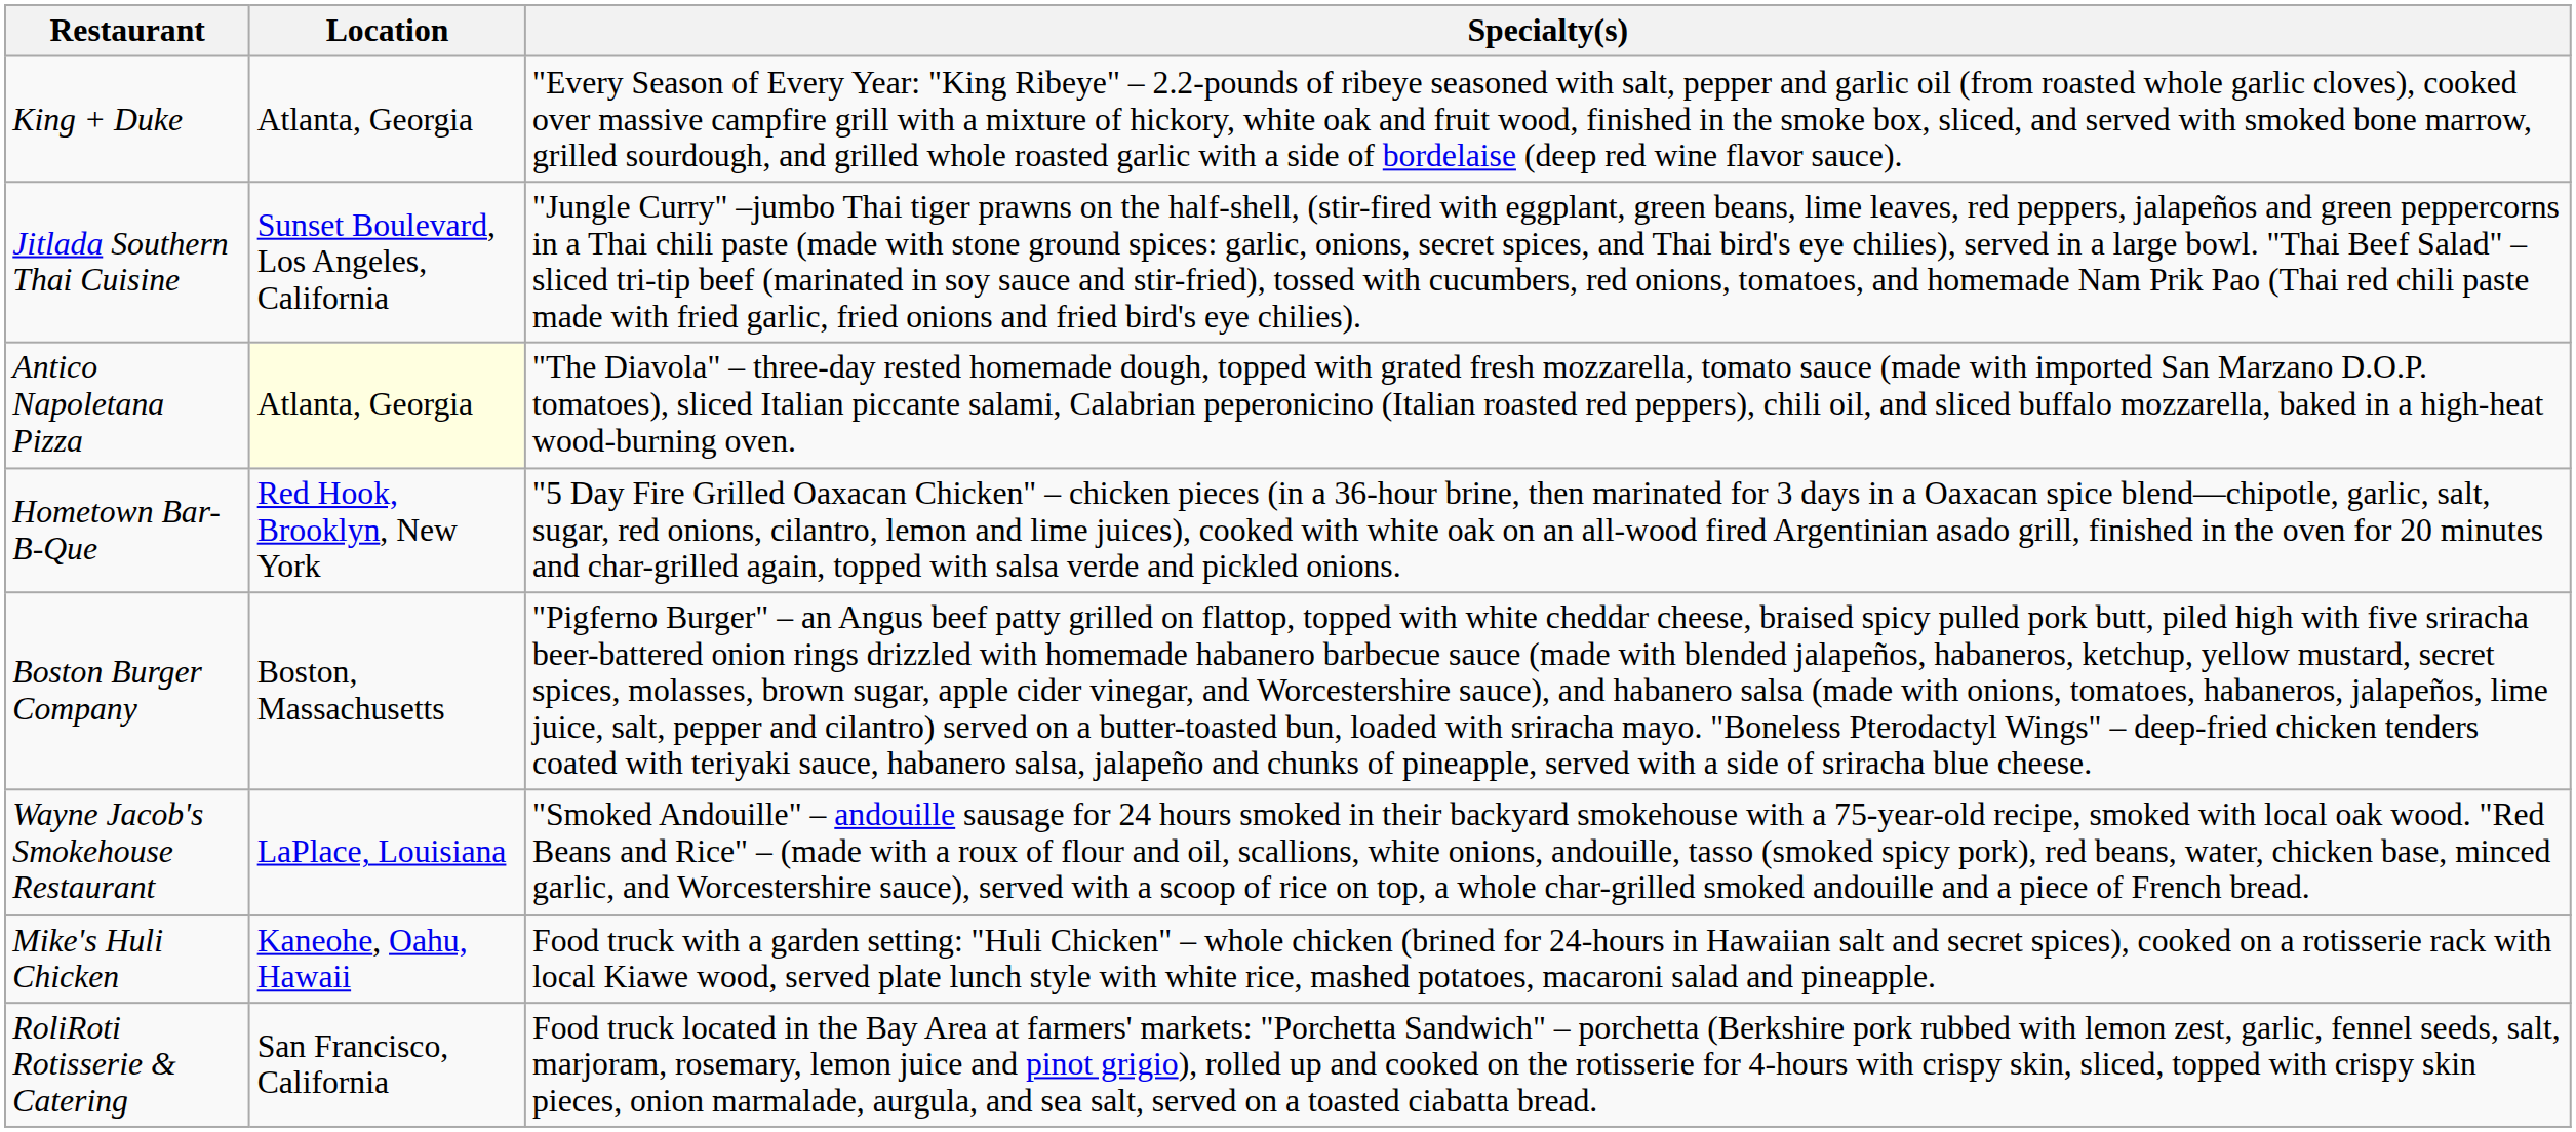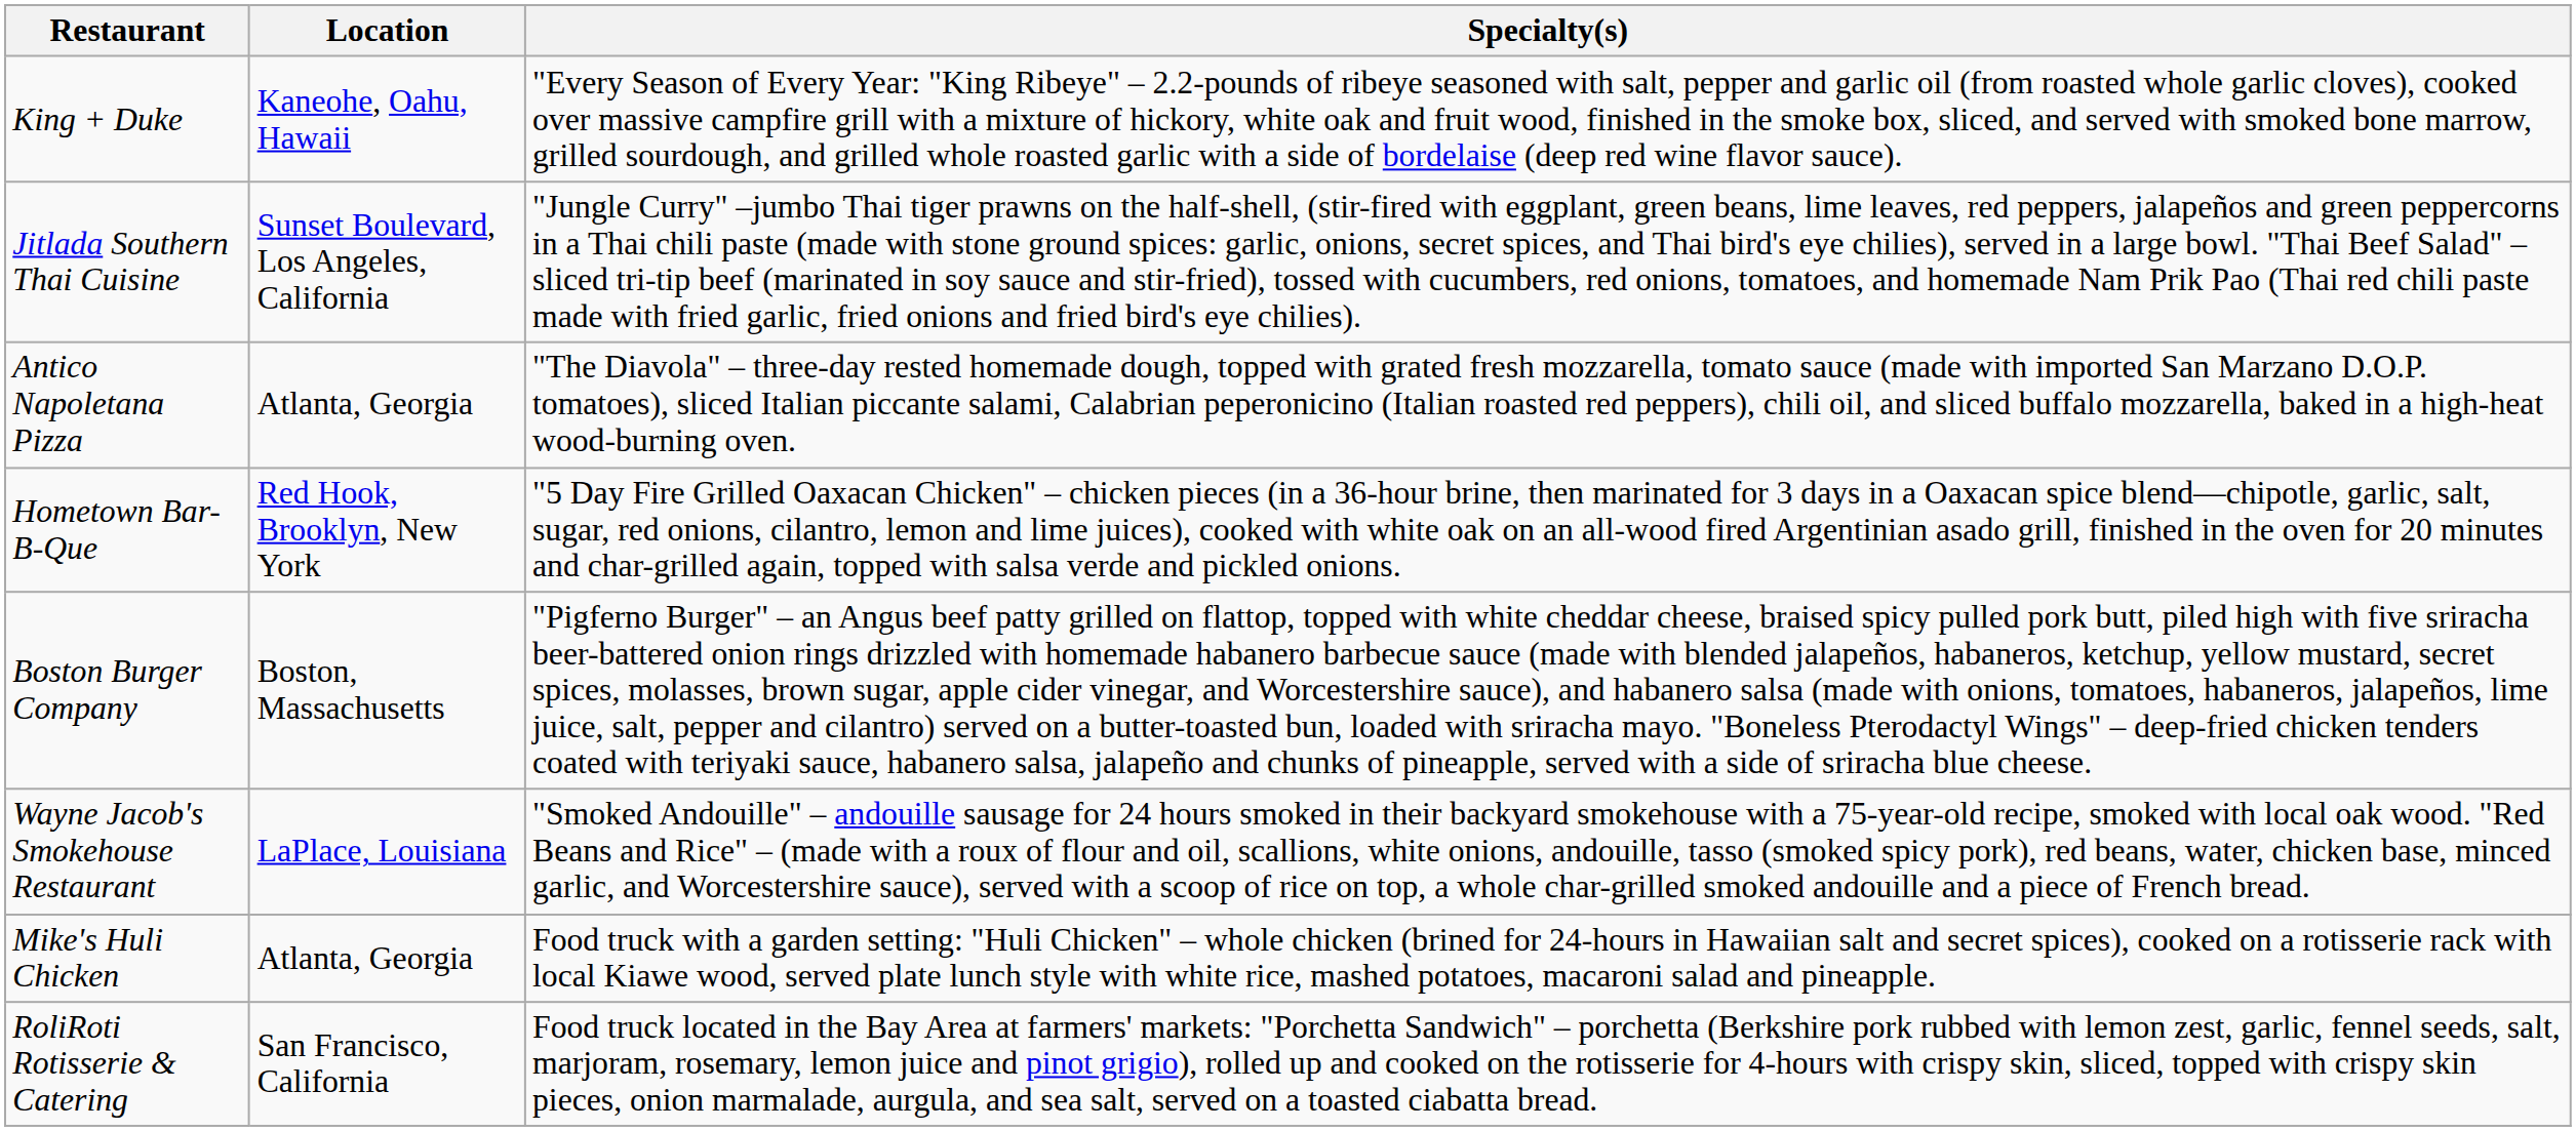 <table class="wikitable" style="width:100%;">
 <tr>
 <th>Restaurant</th>
 <th>Location</th>
 <th>Specialty(s)</th>
 </tr>
 <tr>
 <td><em>King + Duke</em></td>
-<td>Atlanta, Georgia</td>
+<td><a href='#'>Kaneohe</a>, <a href='#'>Oahu, Hawaii</a></td>
 <td>"Every Season of Every Year: "King Ribeye" – 2.2-pounds of ribeye seasoned with salt, pepper and garlic oil (from roasted whole garlic cloves), cooked over massive campfire grill with a mixture of hickory, white oak and fruit wood, finished in the smoke box, sliced, and served with smoked bone marrow, grilled sourdough, and grilled whole roasted garlic with a side of <a href='#'>bordelaise</a> (deep red wine flavor sauce).</td>
 </tr>
 <tr>
 <td><em><a href='#'>Jitlada</a> Southern Thai Cuisine</em></td>
 <td><a href='#'>Sunset Boulevard</a>, Los Angeles, California</td>
 <td>"Jungle Curry" –jumbo Thai tiger prawns on the half-shell, (stir-fired with eggplant, green beans, lime leaves, red peppers, jalapeños and green peppercorns in a Thai chili paste (made with stone ground spices: garlic, onions, secret spices, and Thai bird's eye chilies), served in a large bowl. "Thai Beef Salad" – sliced tri-tip beef (marinated in soy sauce and stir-fried), tossed with cucumbers, red onions, tomatoes, and homemade Nam Prik Pao (Thai red chili paste made with fried garlic, fried onions and fried bird's eye chilies).</td>
 </tr>
 <tr>
 <td><em>Antico Napoletana Pizza</em></td>
-<td style="background: lightyellow;">Atlanta, Georgia</td>
+<td>Atlanta, Georgia</td>
 <td>"The Diavola" – three-day rested homemade dough, topped with grated fresh mozzarella, tomato sauce (made with imported San Marzano D.O.P. tomatoes), sliced Italian piccante salami, Calabrian peperonicino (Italian roasted red peppers), chili oil, and sliced buffalo mozzarella, baked in a high-heat wood-burning oven.</td>
 </tr>
 <tr>
 <td><em>Hometown Bar-B-Que</em></td>
 <td><a href='#'>Red Hook, Brooklyn</a>, New York</td>
 <td>"5 Day Fire Grilled Oaxacan Chicken" – chicken pieces (in a 36-hour brine, then marinated for 3 days in a Oaxacan spice blend—chipotle, garlic, salt, sugar, red onions, cilantro, lemon and lime juices), cooked with white oak on an all-wood fired Argentinian asado grill, finished in the oven for 20 minutes and char-grilled again, topped with salsa verde and pickled onions.</td>
 </tr>
 <tr>
 <td><em>Boston Burger Company</em></td>
 <td>Boston, Massachusetts</td>
 <td>"Pigferno Burger" – an Angus beef patty grilled on flattop, topped with white cheddar cheese, braised spicy pulled pork butt, piled high with five sriracha beer-battered onion rings drizzled with homemade habanero barbecue sauce (made with blended jalapeños, habaneros, ketchup, yellow mustard, secret spices, molasses, brown sugar, apple cider vinegar, and Worcestershire sauce), and habanero salsa (made with onions, tomatoes, habaneros, jalapeños, lime juice, salt, pepper and cilantro) served on a butter-toasted bun, loaded with sriracha mayo. "Boneless Pterodactyl Wings" – deep-fried chicken tenders coated with teriyaki sauce, habanero salsa, jalapeño and chunks of pineapple, served with a side of sriracha blue cheese.</td>
 </tr>
 <tr>
 <td><em>Wayne Jacob's Smokehouse Restaurant</em></td>
 <td><a href='#'>LaPlace, Louisiana</a></td>
 <td>"Smoked Andouille" – <a href='#'>andouille</a> sausage for 24 hours smoked in their backyard smokehouse with a 75-year-old recipe, smoked with local oak wood. "Red Beans and Rice" – (made with a roux of flour and oil, scallions, white onions, andouille, tasso (smoked spicy pork), red beans, water, chicken base, minced garlic, and Worcestershire sauce), served with a scoop of rice on top, a whole char-grilled smoked andouille and a piece of French bread.</td>
 </tr>
 <tr>
 <td><em>Mike's Huli Chicken</em></td>
-<td><a href='#'>Kaneohe</a>, <a href='#'>Oahu, Hawaii</a></td>
+<td>Atlanta, Georgia</td>
 <td>Food truck with a garden setting: "Huli Chicken" – whole chicken (brined for 24-hours in Hawaiian salt and secret spices), cooked on a rotisserie rack with local Kiawe wood, served plate lunch style with white rice, mashed potatoes, macaroni salad and pineapple.</td>
 </tr>
 <tr>
 <td><em>RoliRoti Rotisserie & Catering</em></td>
 <td>San Francisco, California</td>
 <td>Food truck located in the Bay Area at farmers' markets: "Porchetta Sandwich" – porchetta (Berkshire pork rubbed with lemon zest, garlic, fennel seeds, salt, marjoram, rosemary, lemon juice and <a href='#'>pinot grigio</a>), rolled up and cooked on the rotisserie for 4-hours with crispy skin, sliced, topped with crispy skin pieces, onion marmalade, aurgula, and sea salt, served on a toasted ciabatta bread.</td>
 </tr>
 </table>
